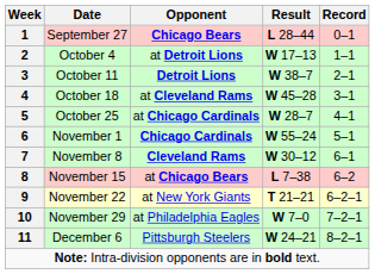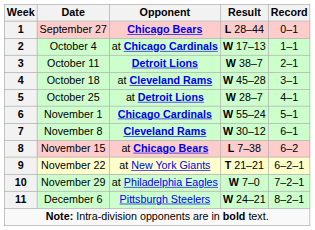 <table class="wikitable" style="text-align:center">
 <tr>
 <th>Week</th>
 <th>Date</th>
 <th>Opponent</th>
 <th>Result</th>
 <th>Record</th>
 </tr>
 <tr style="background:#fcc">
 <th>1</th>
 <td>September 27</td>
 <td><strong><a href='#'>Chicago Bears</a></strong></td>
 <td><strong>L</strong> 28–44</td>
 <td>0–1</td>
 </tr>
 <tr style="background:#cfc">
 <th>2</th>
 <td>October 4</td>
-<td>at <strong><a href='#'>Detroit Lions</a></strong></td>
+<td>at <strong><a href='#'>Chicago Cardinals</a></strong></td>
 <td><strong>W</strong> 17–13</td>
 <td>1–1</td>
 </tr>
 <tr style="background:#cfc">
 <th>3</th>
 <td>October 11</td>
 <td><strong><a href='#'>Detroit Lions</a></strong></td>
 <td><strong>W</strong> 38–7</td>
 <td>2–1</td>
 </tr>
 <tr style="background:#cfc">
 <th>4</th>
 <td>October 18</td>
 <td>at <strong><a href='#'>Cleveland Rams</a></strong></td>
 <td><strong>W</strong> 45–28</td>
 <td>3–1</td>
 </tr>
 <tr style="background:#cfc">
 <th>5</th>
 <td>October 25</td>
-<td>at <strong><a href='#'>Chicago Cardinals</a></strong></td>
+<td>at <strong><a href='#'>Detroit Lions</a></strong></td>
 <td><strong>W</strong> 28–7</td>
 <td>4–1</td>
 </tr>
 <tr style="background:#cfc">
 <th>6</th>
 <td>November 1</td>
 <td><strong><a href='#'>Chicago Cardinals</a></strong></td>
 <td><strong>W</strong> 55–24</td>
 <td>5–1</td>
 </tr>
 <tr style="background:#cfc">
 <th>7</th>
 <td>November 8</td>
 <td><strong><a href='#'>Cleveland Rams</a></strong></td>
 <td><strong>W</strong> 30–12</td>
 <td>6–1</td>
 </tr>
 <tr style="background:#fcc">
 <th>8</th>
 <td>November 15</td>
 <td>at <strong><a href='#'>Chicago Bears</a></strong></td>
 <td><strong>L</strong> 7–38</td>
 <td>6–2</td>
 </tr>
 <tr style="background:#ffc">
 <th>9</th>
 <td>November 22</td>
 <td>at <a href='#'>New York Giants</a></td>
 <td><strong>T</strong> 21–21</td>
 <td>6–2–1</td>
 </tr>
 <tr style="background:#cfc">
 <th>10</th>
 <td>November 29</td>
 <td>at <a href='#'>Philadelphia Eagles</a></td>
 <td><strong>W</strong> 7–0</td>
 <td>7–2–1</td>
 </tr>
 <tr style="background:#cfc">
 <th>11</th>
 <td>December 6</td>
 <td><a href='#'>Pittsburgh Steelers</a></td>
 <td><strong>W</strong> 24–21</td>
 <td>8–2–1</td>
 </tr>
 <tr>
 <td colspan="8"><strong>Note:</strong> Intra-division opponents are in <strong>bold</strong> text.</td>
 </tr>
 </table>
